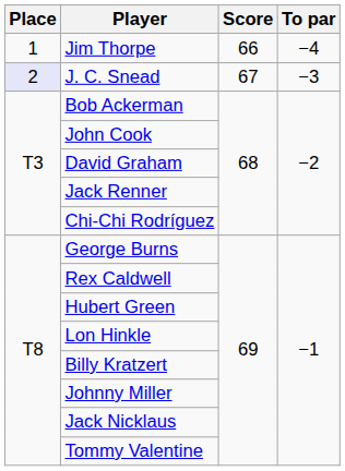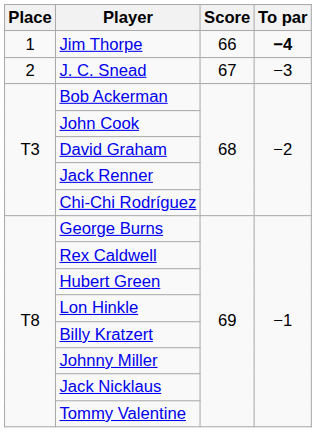 <table class="wikitable">
 <tr>
 <th>Place</th>
 <th>Player</th>
 <th>Score</th>
 <th>To par</th>
 </tr>
 <tr>
 <td align=center>1</td>
 <td> <a href='#'>Jim Thorpe</a></td>
 <td align=center>66</td>
-<td align=center>−4</td>
+<td align=center><strong>−4</strong></td>
 </tr>
 <tr>
-<td align=center style="background: lavender;">2</td>
+<td align=center>2</td>
 <td> <a href='#'>J. C. Snead</a></td>
 <td align=center>67</td>
 <td align=center>−3</td>
 </tr>
 <tr>
 <td rowspan="5" align=center>T3</td>
 <td> <a href='#'>Bob Ackerman</a></td>
 <td rowspan="5" align=center>68</td>
 <td rowspan="5" align=center>−2</td>
 </tr>
 <tr>
 <td> <a href='#'>John Cook</a></td>
 </tr>
 <tr>
 <td> <a href='#'>David Graham</a></td>
 </tr>
 <tr>
 <td> <a href='#'>Jack Renner</a></td>
 </tr>
 <tr>
 <td> <a href='#'>Chi-Chi Rodríguez</a></td>
 </tr>
 <tr>
 <td rowspan="8" align=center>T8</td>
 <td> <a href='#'>George Burns</a></td>
 <td rowspan="8" align=center>69</td>
 <td rowspan="8" align=center>−1</td>
 </tr>
 <tr>
 <td> <a href='#'>Rex Caldwell</a></td>
 </tr>
 <tr>
 <td> <a href='#'>Hubert Green</a></td>
 </tr>
 <tr>
 <td> <a href='#'>Lon Hinkle</a></td>
 </tr>
 <tr>
 <td> <a href='#'>Billy Kratzert</a></td>
 </tr>
 <tr>
 <td> <a href='#'>Johnny Miller</a></td>
 </tr>
 <tr>
 <td> <a href='#'>Jack Nicklaus</a></td>
 </tr>
 <tr>
 <td> <a href='#'>Tommy Valentine</a></td>
 </tr>
 </table>
